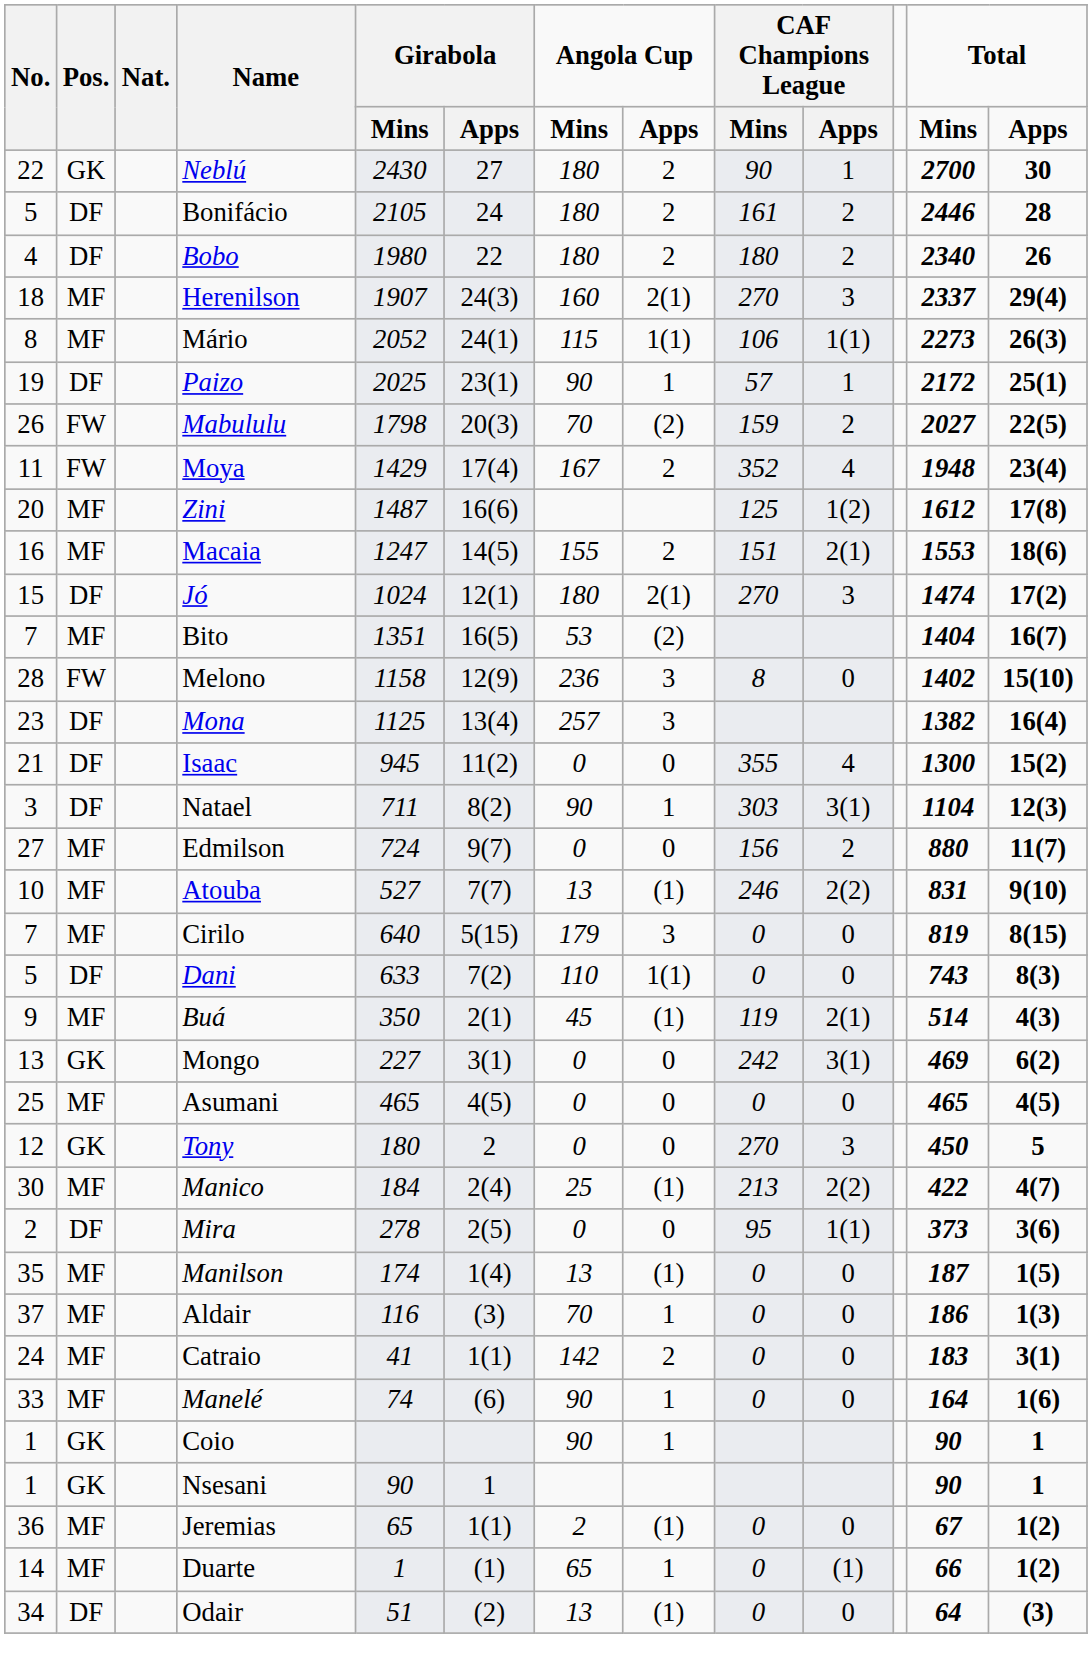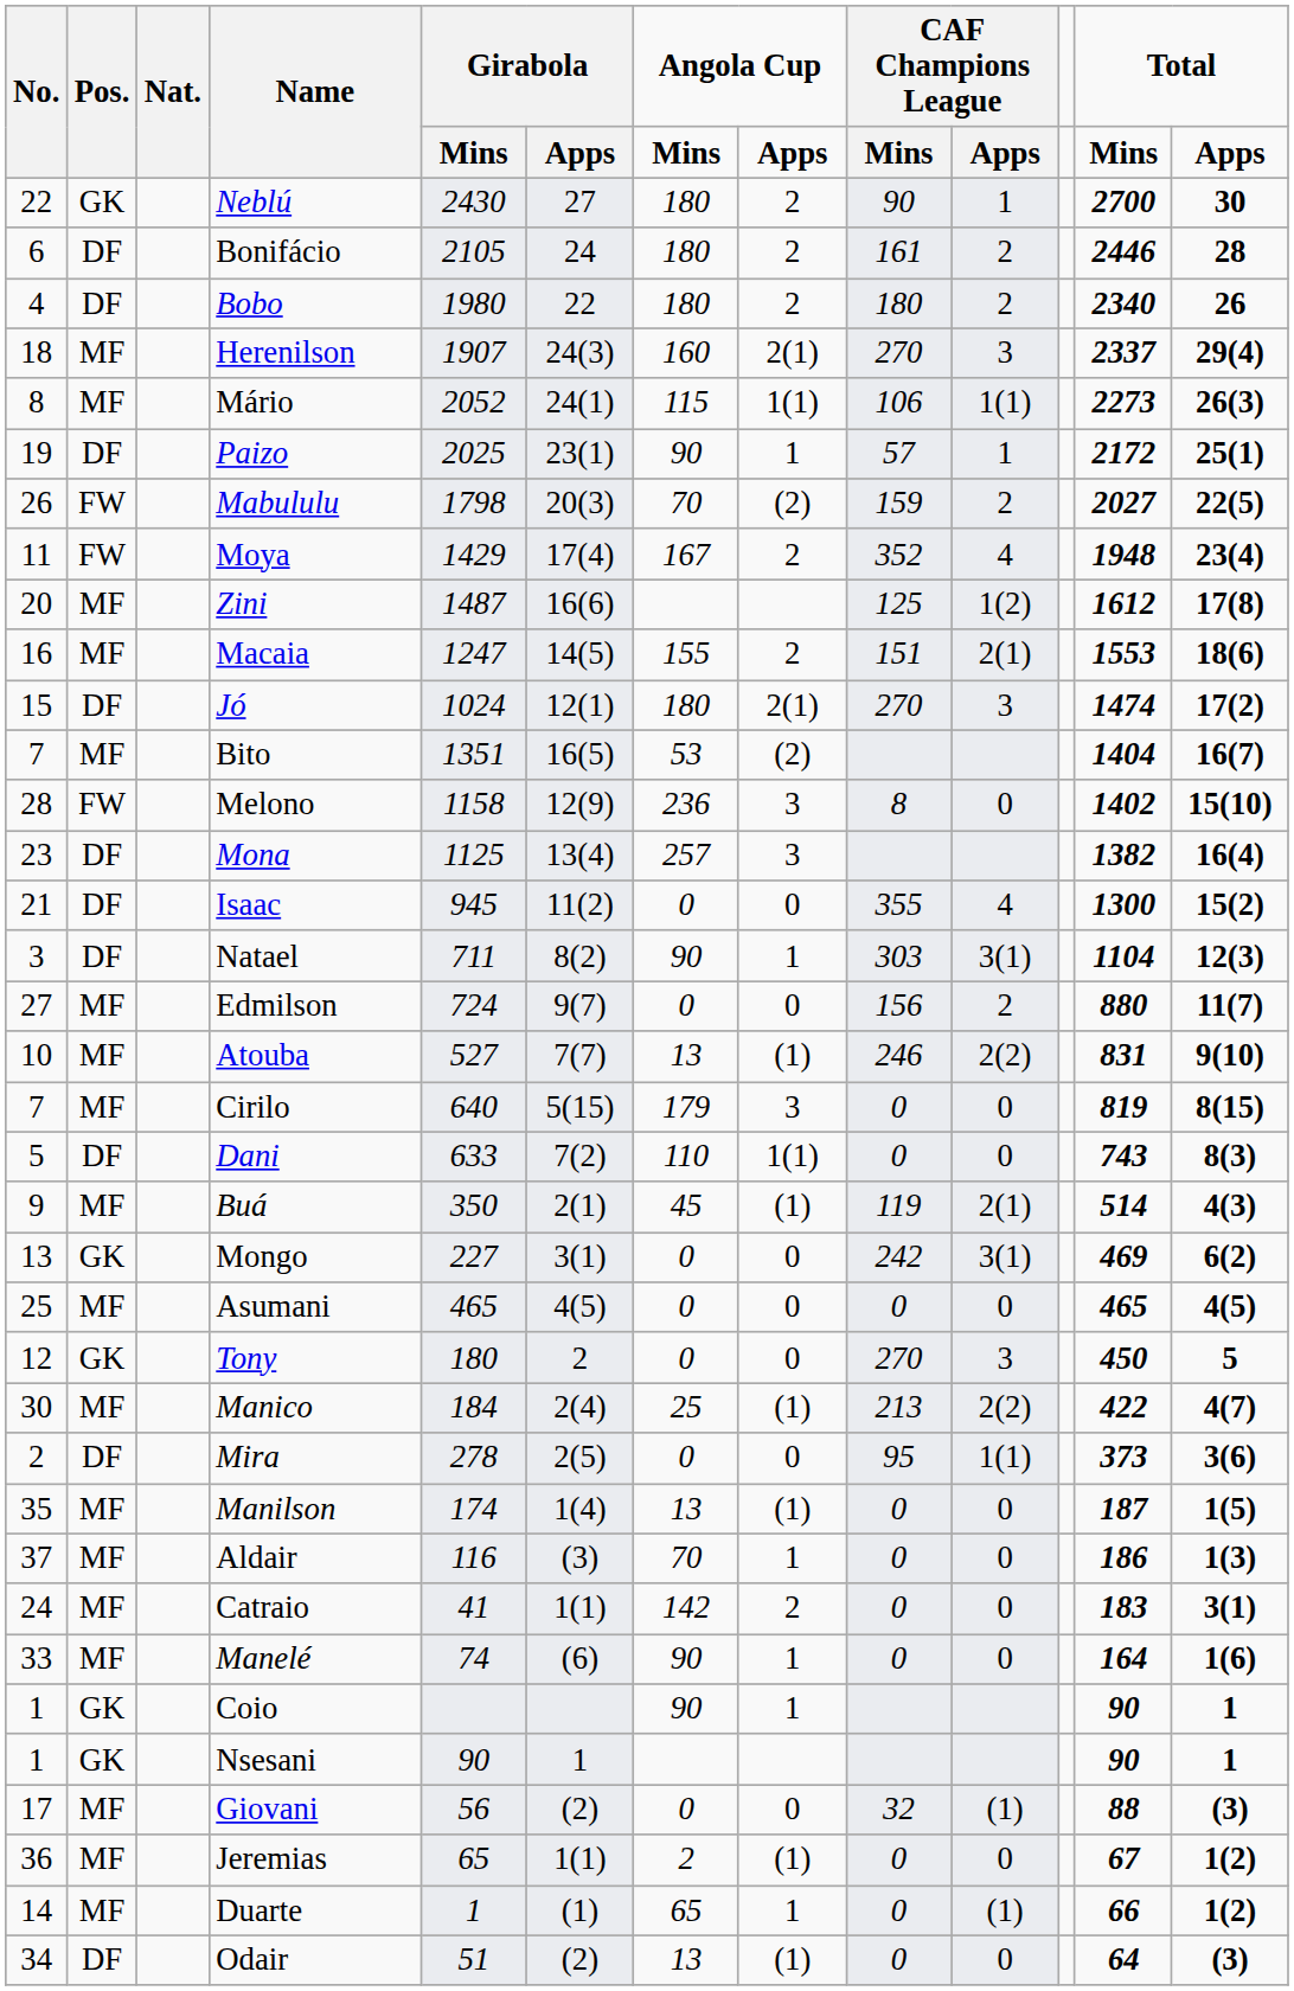 <table class="wikitable sortable" style="text-align:center">
 <tr>
 <th style="text-align:center;" rowspan="2">No.</th>
 <th style="text-align:center;" rowspan="2">Pos.</th>
 <th style="text-align:center;" rowspan="2">Nat.</th>
 <th style="text-align:center; width:100px;" rowspan="2">Name</th>
 <th style="text-align:center; width:100px;" colspan="2">Girabola</th>
 <td style="text-align:center; width:100px;" colspan="2"><strong>Angola Cup</strong></td>
 <th style="text-align:center; width:100px;" colspan="2">CAF Champions League</th>
 <td style="text-align:center; width:1px;"></td>
 <td style="text-align:center; width:100px;" colspan="2"><strong>Total</strong></td>
 </tr>
 <tr>
 <th style="text-align:center;">Mins</th>
 <th style="text-align:center;">Apps</th>
 <td style="text-align:center;"><strong>Mins</strong></td>
 <td style="text-align:center;"><strong>Apps</strong></td>
 <th style="text-align:center;">Mins</th>
 <th style="text-align:center;">Apps</th>
 <td style="text-align:center;"></td>
 <td style="text-align:center;"><strong>Mins</strong></td>
 <td style="text-align:center;"><strong>Apps</strong></td>
 </tr>
 <tr>
 <td>22</td>
 <td data-sort-value="1">GK</td>
 <td></td>
 <td align=left><em><a href='#'>Neblú</a></em></td>
 <td style="background:#eaecf0;"><em>2430</em></td>
 <td style="background:#eaecf0;">27</td>
 <td><em>180</em></td>
 <td>2</td>
 <td style="background:#eaecf0;"><em>90</em></td>
 <td style="background:#eaecf0;">1</td>
 <td></td>
 <td><strong><em>2700</em></strong></td>
 <td><strong>30</strong></td>
 </tr>
 <tr>
-<td>5</td>
+<td>6</td>
 <td data-sort-value="2">DF</td>
 <td></td>
 <td align=left>Bonifácio</td>
 <td style="background:#eaecf0;"><em>2105</em></td>
 <td style="background:#eaecf0;">24</td>
 <td><em>180</em></td>
 <td>2</td>
 <td style="background:#eaecf0;"><em>161</em></td>
 <td style="background:#eaecf0;">2</td>
 <td></td>
 <td><strong><em>2446</em></strong></td>
 <td><strong>28</strong></td>
 </tr>
 <tr>
 <td>4</td>
 <td data-sort-value="2">DF</td>
 <td></td>
 <td align=left><em><a href='#'>Bobo</a></em></td>
 <td style="background:#eaecf0;"><em>1980</em></td>
 <td style="background:#eaecf0;">22</td>
 <td><em>180</em></td>
 <td>2</td>
 <td style="background:#eaecf0;"><em>180</em></td>
 <td style="background:#eaecf0;">2</td>
 <td></td>
 <td><strong><em>2340</em></strong></td>
 <td><strong>26</strong></td>
 </tr>
 <tr>
 <td>18</td>
 <td data-sort-value="3">MF</td>
 <td></td>
 <td align=left><a href='#'>Herenilson</a></td>
 <td style="background:#eaecf0;"><em>1907</em></td>
 <td style="background:#eaecf0;">24(3)</td>
 <td><em>160</em></td>
 <td>2(1)</td>
 <td style="background:#eaecf0;"><em>270</em></td>
 <td style="background:#eaecf0;">3</td>
 <td></td>
 <td><strong><em>2337</em></strong></td>
 <td><strong>29(4)</strong></td>
 </tr>
 <tr>
 <td>8</td>
 <td data-sort-value="3">MF</td>
 <td></td>
 <td align=left>Mário</td>
 <td style="background:#eaecf0;"><em>2052</em></td>
 <td style="background:#eaecf0;">24(1)</td>
 <td><em>115</em></td>
 <td>1(1)</td>
 <td style="background:#eaecf0;"><em>106</em></td>
 <td style="background:#eaecf0;">1(1)</td>
 <td></td>
 <td><strong><em>2273</em></strong></td>
 <td><strong>26(3)</strong></td>
 </tr>
 <tr>
 <td>19</td>
 <td data-sort-value="2">DF</td>
 <td></td>
 <td align=left><em><a href='#'>Paizo</a></em></td>
 <td style="background:#eaecf0;"><em>2025</em></td>
 <td style="background:#eaecf0;">23(1)</td>
 <td><em>90</em></td>
 <td>1</td>
 <td style="background:#eaecf0;"><em>57</em></td>
 <td style="background:#eaecf0;">1</td>
 <td></td>
 <td><strong><em>2172</em></strong></td>
 <td><strong>25(1)</strong></td>
 </tr>
 <tr>
 <td>26</td>
 <td>FW</td>
 <td></td>
 <td align=left><em><a href='#'>Mabululu</a></em></td>
 <td style="background:#eaecf0;"><em>1798</em></td>
 <td style="background:#eaecf0;">20(3)</td>
 <td><em>70</em></td>
 <td>(2)</td>
 <td style="background:#eaecf0;"><em>159</em></td>
 <td style="background:#eaecf0;">2</td>
 <td></td>
 <td><strong><em>2027</em></strong></td>
 <td><strong>22(5)</strong></td>
 </tr>
 <tr>
 <td>11</td>
 <td>FW</td>
 <td></td>
 <td align=left><a href='#'>Moya</a></td>
 <td style="background:#eaecf0;"><em>1429</em></td>
 <td style="background:#eaecf0;">17(4)</td>
 <td><em>167</em></td>
 <td>2</td>
 <td style="background:#eaecf0;"><em>352</em></td>
 <td style="background:#eaecf0;">4</td>
 <td></td>
 <td><strong><em>1948</em></strong></td>
 <td><strong>23(4)</strong></td>
 </tr>
 <tr>
 <td>20</td>
 <td data-sort-value="3">MF</td>
 <td></td>
 <td align=left><em><a href='#'>Zini</a></em></td>
 <td style="background:#eaecf0;"><em>1487</em></td>
 <td style="background:#eaecf0;">16(6)</td>
 <td></td>
 <td></td>
 <td style="background:#eaecf0;"><em>125</em></td>
 <td style="background:#eaecf0;">1(2)</td>
 <td></td>
 <td><strong><em>1612</em></strong></td>
 <td><strong>17(8)</strong></td>
 </tr>
 <tr>
 <td>16</td>
 <td data-sort-value="3">MF</td>
 <td></td>
 <td align=left><a href='#'>Macaia</a></td>
 <td style="background:#eaecf0;"><em>1247</em></td>
 <td style="background:#eaecf0;">14(5)</td>
 <td><em>155</em></td>
 <td>2</td>
 <td style="background:#eaecf0;"><em>151</em></td>
 <td style="background:#eaecf0;">2(1)</td>
 <td></td>
 <td><strong><em>1553</em></strong></td>
 <td><strong>18(6)</strong></td>
 </tr>
 <tr>
 <td>15</td>
 <td data-sort-value="2">DF</td>
 <td></td>
 <td align=left><em><a href='#'>Jó</a></em></td>
 <td style="background:#eaecf0;"><em>1024</em></td>
 <td style="background:#eaecf0;">12(1)</td>
 <td><em>180</em></td>
 <td>2(1)</td>
 <td style="background:#eaecf0;"><em>270</em></td>
 <td style="background:#eaecf0;">3</td>
 <td></td>
 <td><strong><em>1474</em></strong></td>
 <td><strong>17(2)</strong></td>
 </tr>
 <tr>
 <td>7</td>
 <td data-sort-value="3">MF</td>
 <td></td>
 <td align=left>Bito</td>
 <td style="background:#eaecf0;"><em>1351</em></td>
 <td style="background:#eaecf0;">16(5)</td>
 <td><em>53</em></td>
 <td>(2)</td>
 <td style="background:#eaecf0;"></td>
 <td style="background:#eaecf0;"></td>
 <td></td>
 <td><strong><em>1404</em></strong></td>
 <td><strong>16(7)</strong></td>
 </tr>
 <tr>
 <td>28</td>
 <td>FW</td>
 <td></td>
 <td align=left>Melono</td>
 <td style="background:#eaecf0;"><em>1158</em></td>
 <td style="background:#eaecf0;">12(9)</td>
 <td><em>236</em></td>
 <td>3</td>
 <td style="background:#eaecf0;"><em>8</em></td>
 <td style="background:#eaecf0;">0</td>
 <td></td>
 <td><strong><em>1402</em></strong></td>
 <td><strong>15(10)</strong></td>
 </tr>
 <tr>
 <td>23</td>
 <td data-sort-value="2">DF</td>
 <td></td>
 <td align=left><em><a href='#'>Mona</a></em></td>
 <td style="background:#eaecf0;"><em>1125</em></td>
 <td style="background:#eaecf0;">13(4)</td>
 <td><em>257</em></td>
 <td>3</td>
 <td style="background:#eaecf0;"></td>
 <td style="background:#eaecf0;"></td>
 <td></td>
 <td><strong><em>1382</em></strong></td>
 <td><strong>16(4)</strong></td>
 </tr>
 <tr>
 <td>21</td>
 <td data-sort-value="2">DF</td>
 <td></td>
 <td align=left><a href='#'>Isaac</a></td>
 <td style="background:#eaecf0;"><em>945</em></td>
 <td style="background:#eaecf0;">11(2)</td>
 <td><em>0</em></td>
 <td>0</td>
 <td style="background:#eaecf0;"><em>355</em></td>
 <td style="background:#eaecf0;">4</td>
 <td></td>
 <td><strong><em>1300</em></strong></td>
 <td><strong>15(2)</strong></td>
 </tr>
 <tr>
 <td>3</td>
 <td data-sort-value="2">DF</td>
 <td></td>
 <td align=left>Natael</td>
 <td style="background:#eaecf0;"><em>711</em></td>
 <td style="background:#eaecf0;">8(2)</td>
 <td><em>90</em></td>
 <td>1</td>
 <td style="background:#eaecf0;"><em>303</em></td>
 <td style="background:#eaecf0;">3(1)</td>
 <td></td>
 <td><strong><em>1104</em></strong></td>
 <td><strong>12(3)</strong></td>
 </tr>
 <tr>
 <td>27</td>
 <td data-sort-value="3">MF</td>
 <td></td>
 <td align=left>Edmilson</td>
 <td style="background:#eaecf0;"><em>724</em></td>
 <td style="background:#eaecf0;">9(7)</td>
 <td><em>0</em></td>
 <td>0</td>
 <td style="background:#eaecf0;"><em>156</em></td>
 <td style="background:#eaecf0;">2</td>
 <td></td>
 <td><strong><em>880</em></strong></td>
 <td><strong>11(7)</strong></td>
 </tr>
 <tr>
 <td>10</td>
 <td data-sort-value="3">MF</td>
 <td></td>
 <td align=left><a href='#'>Atouba</a></td>
 <td style="background:#eaecf0;"><em>527</em></td>
 <td style="background:#eaecf0;">7(7)</td>
 <td><em>13</em></td>
 <td>(1)</td>
 <td style="background:#eaecf0;"><em>246</em></td>
 <td style="background:#eaecf0;">2(2)</td>
 <td></td>
 <td><strong><em>831</em></strong></td>
 <td><strong>9(10)</strong></td>
 </tr>
 <tr>
 <td>7</td>
 <td data-sort-value="3">MF</td>
 <td></td>
 <td align=left>Cirilo</td>
 <td style="background:#eaecf0;"><em>640</em></td>
 <td style="background:#eaecf0;">5(15)</td>
 <td><em>179</em></td>
 <td>3</td>
 <td style="background:#eaecf0;"><em>0</em></td>
 <td style="background:#eaecf0;">0</td>
 <td></td>
 <td><strong><em>819</em></strong></td>
 <td><strong>8(15)</strong></td>
 </tr>
 <tr>
 <td>5</td>
 <td data-sort-value="2">DF</td>
 <td></td>
 <td align=left><em><a href='#'>Dani</a></em></td>
 <td style="background:#eaecf0;"><em>633</em></td>
 <td style="background:#eaecf0;">7(2)</td>
 <td><em>110</em></td>
 <td>1(1)</td>
 <td style="background:#eaecf0;"><em>0</em></td>
 <td style="background:#eaecf0;">0</td>
 <td></td>
 <td><strong><em>743</em></strong></td>
 <td><strong>8(3)</strong></td>
 </tr>
 <tr>
 <td>9</td>
 <td data-sort-value="3">MF</td>
 <td></td>
 <td align=left><em>Buá</em></td>
 <td style="background:#eaecf0;"><em>350</em></td>
 <td style="background:#eaecf0;">2(1)</td>
 <td><em>45</em></td>
 <td>(1)</td>
 <td style="background:#eaecf0;"><em>119</em></td>
 <td style="background:#eaecf0;">2(1)</td>
 <td></td>
 <td><strong><em>514</em></strong></td>
 <td><strong>4(3)</strong></td>
 </tr>
 <tr>
 <td>13</td>
 <td data-sort-value="1">GK</td>
 <td></td>
 <td align=left>Mongo</td>
 <td style="background:#eaecf0;"><em>227</em></td>
 <td style="background:#eaecf0;">3(1)</td>
 <td><em>0</em></td>
 <td>0</td>
 <td style="background:#eaecf0;"><em>242</em></td>
 <td style="background:#eaecf0;">3(1)</td>
 <td></td>
 <td><strong><em>469</em></strong></td>
 <td><strong>6(2)</strong></td>
 </tr>
 <tr>
 <td>25</td>
 <td data-sort-value="3">MF</td>
 <td></td>
 <td align=left>Asumani</td>
 <td style="background:#eaecf0;"><em>465</em></td>
 <td style="background:#eaecf0;">4(5)</td>
 <td><em>0</em></td>
 <td>0</td>
 <td style="background:#eaecf0;"><em>0</em></td>
 <td style="background:#eaecf0;">0</td>
 <td></td>
 <td><strong><em>465</em></strong></td>
 <td><strong>4(5)</strong></td>
 </tr>
 <tr>
 <td>12</td>
 <td data-sort-value="1">GK</td>
 <td></td>
 <td align=left><em><a href='#'>Tony</a></em></td>
 <td style="background:#eaecf0;"><em>180</em></td>
 <td style="background:#eaecf0;">2</td>
 <td><em>0</em></td>
 <td>0</td>
 <td style="background:#eaecf0;"><em>270</em></td>
 <td style="background:#eaecf0;">3</td>
 <td></td>
 <td><strong><em>450</em></strong></td>
 <td><strong>5</strong></td>
 </tr>
 <tr>
 <td>30</td>
 <td data-sort-value="3">MF</td>
 <td></td>
 <td align=left><em>Manico</em></td>
 <td style="background:#eaecf0;"><em>184</em></td>
 <td style="background:#eaecf0;">2(4)</td>
 <td><em>25</em></td>
 <td>(1)</td>
 <td style="background:#eaecf0;"><em>213</em></td>
 <td style="background:#eaecf0;">2(2)</td>
 <td></td>
 <td><strong><em>422</em></strong></td>
 <td><strong>4(7)</strong></td>
 </tr>
 <tr>
 <td>2</td>
 <td data-sort-value="2">DF</td>
 <td></td>
 <td align=left><em>Mira</em></td>
 <td style="background:#eaecf0;"><em>278</em></td>
 <td style="background:#eaecf0;">2(5)</td>
 <td><em>0</em></td>
 <td>0</td>
 <td style="background:#eaecf0;"><em>95</em></td>
 <td style="background:#eaecf0;">1(1)</td>
 <td></td>
 <td><strong><em>373</em></strong></td>
 <td><strong>3(6)</strong></td>
 </tr>
 <tr>
 <td>35</td>
 <td data-sort-value="3">MF</td>
 <td></td>
 <td align=left><em>Manilson</em></td>
 <td style="background:#eaecf0;"><em>174</em></td>
 <td style="background:#eaecf0;">1(4)</td>
 <td><em>13</em></td>
 <td>(1)</td>
 <td style="background:#eaecf0;"><em>0</em></td>
 <td style="background:#eaecf0;">0</td>
 <td></td>
 <td><strong><em>187</em></strong></td>
 <td><strong>1(5)</strong></td>
 </tr>
 <tr>
 <td>37</td>
 <td data-sort-value="3">MF</td>
 <td></td>
 <td align=left>Aldair</td>
 <td style="background:#eaecf0;"><em>116</em></td>
 <td style="background:#eaecf0;">(3)</td>
 <td><em>70</em></td>
 <td>1</td>
 <td style="background:#eaecf0;"><em>0</em></td>
 <td style="background:#eaecf0;">0</td>
 <td></td>
 <td><strong><em>186</em></strong></td>
 <td><strong>1(3)</strong></td>
 </tr>
 <tr>
 <td>24</td>
 <td data-sort-value="3">MF</td>
 <td></td>
 <td align=left>Catraio</td>
 <td style="background:#eaecf0;"><em>41</em></td>
 <td style="background:#eaecf0;">1(1)</td>
 <td><em>142</em></td>
 <td>2</td>
 <td style="background:#eaecf0;"><em>0</em></td>
 <td style="background:#eaecf0;">0</td>
 <td></td>
 <td><strong><em>183</em></strong></td>
 <td><strong>3(1)</strong></td>
 </tr>
 <tr>
 <td>33</td>
 <td data-sort-value="3">MF</td>
 <td></td>
 <td align=left><em>Manelé</em></td>
 <td style="background:#eaecf0;"><em>74</em></td>
 <td style="background:#eaecf0;">(6)</td>
 <td><em>90</em></td>
 <td>1</td>
 <td style="background:#eaecf0;"><em>0</em></td>
 <td style="background:#eaecf0;">0</td>
 <td></td>
 <td><strong><em>164</em></strong></td>
 <td><strong>1(6)</strong></td>
 </tr>
 <tr>
 <td>1</td>
 <td data-sort-value="1">GK</td>
 <td></td>
 <td align=left>Coio</td>
 <td style="background:#eaecf0;"></td>
 <td style="background:#eaecf0;"></td>
 <td><em>90</em></td>
 <td>1</td>
 <td style="background:#eaecf0;"></td>
 <td style="background:#eaecf0;"></td>
 <td></td>
 <td><strong><em>90</em></strong></td>
 <td><strong>1</strong></td>
 </tr>
 <tr>
 <td>1</td>
 <td data-sort-value="1">GK</td>
 <td></td>
 <td align=left>Nsesani</td>
 <td style="background:#eaecf0;"><em>90</em></td>
 <td style="background:#eaecf0;">1</td>
 <td></td>
 <td></td>
 <td style="background:#eaecf0;"></td>
 <td style="background:#eaecf0;"></td>
 <td></td>
 <td><strong><em>90</em></strong></td>
 <td><strong>1</strong></td>
 </tr>
 <tr>
+<td>17</td>
+<td data-sort-value="3">MF</td>
+<td></td>
+<td align=left><a href='#'>Giovani</a></td>
+<td style="background:#eaecf0;"><em>56</em></td>
+<td style="background:#eaecf0;">(2)</td>
+<td><em>0</em></td>
+<td>0</td>
+<td style="background:#eaecf0;"><em>32</em></td>
+<td style="background:#eaecf0;">(1)</td>
+<td></td>
+<td><strong><em>88</em></strong></td>
+<td><strong>(3)</strong></td>
+</tr>
+<tr>
 <td>36</td>
 <td data-sort-value="3">MF</td>
 <td></td>
 <td align=left>Jeremias</td>
 <td style="background:#eaecf0;"><em>65</em></td>
 <td style="background:#eaecf0;">1(1)</td>
 <td><em>2</em></td>
 <td>(1)</td>
 <td style="background:#eaecf0;"><em>0</em></td>
 <td style="background:#eaecf0;">0</td>
 <td></td>
 <td><strong><em>67</em></strong></td>
 <td><strong>1(2)</strong></td>
 </tr>
 <tr>
 <td>14</td>
 <td data-sort-value="3">MF</td>
 <td></td>
 <td align=left>Duarte</td>
 <td style="background:#eaecf0;"><em>1</em></td>
 <td style="background:#eaecf0;">(1)</td>
 <td><em>65</em></td>
 <td>1</td>
 <td style="background:#eaecf0;"><em>0</em></td>
 <td style="background:#eaecf0;">(1)</td>
 <td></td>
 <td><strong><em>66</em></strong></td>
 <td><strong>1(2)</strong></td>
 </tr>
 <tr>
 <td>34</td>
 <td data-sort-value="2">DF</td>
 <td></td>
 <td align=left>Odair</td>
 <td style="background:#eaecf0;"><em>51</em></td>
 <td style="background:#eaecf0;">(2)</td>
 <td><em>13</em></td>
 <td>(1)</td>
 <td style="background:#eaecf0;"><em>0</em></td>
 <td style="background:#eaecf0;">0</td>
 <td></td>
 <td><strong><em>64</em></strong></td>
 <td><strong>(3)</strong></td>
 </tr>
 </table>
